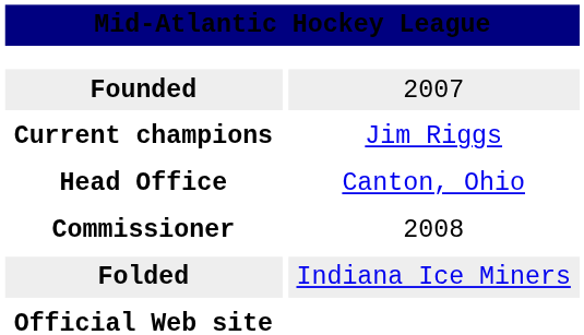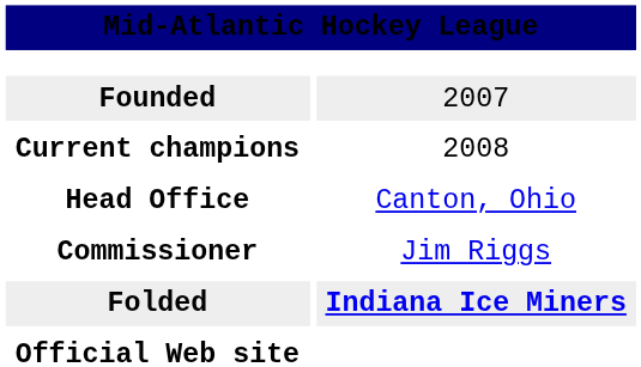 <table border=0 align=right cellpadding=3 cellspacing=3 width=300 style = "margin-left: 0.5em">
 <tr align="center" bgcolor="navy">
 <td colspan=2><span><strong>Mid-Atlantic Hockey League</strong></span></td>
 </tr>
 <tr align="center">
 <td colspan=2></td>
 </tr>
 <tr align="center"  bgcolor="#eeeeee">
 <td><strong>Founded</strong></td>
 <td>2007</td>
 </tr>
 <tr align="center">
 <td><strong>Current champions</strong></td>
-<td><a href='#'>Jim Riggs</a></td>
+<td>2008</td>
 </tr>
 <tr align="center">
 <td><strong>Head Office</strong></td>
 <td><a href='#'>Canton, Ohio</a></td>
 </tr>
 <tr align="center">
 <td><strong>Commissioner</strong></td>
-<td>2008</td>
+<td><a href='#'>Jim Riggs</a></td>
 </tr>
 <tr align="center" bgcolor="#eeeeee">
 <td><strong>Folded</strong></td>
-<td><a href='#'>Indiana Ice Miners</a></td>
+<td><strong><a href='#'>Indiana Ice Miners</a></strong></td>
 </tr>
 <tr align="center">
 <td><strong>Official Web site</strong></td>
 <td></td>
 </tr>
 <tr align="center" bgcolor="#eeeeee">
 </tr>
 </table>
